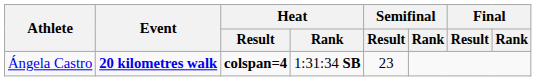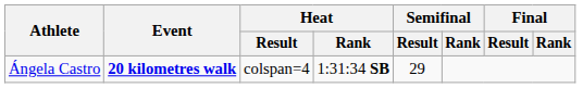 <table class=wikitable style=font-size:90%>
 <tr>
 <th rowspan=2>Athlete</th>
 <th rowspan=2>Event</th>
 <th colspan=2>Heat</th>
 <th colspan=2>Semifinal</th>
 <th colspan=2>Final</th>
 </tr>
 <tr style=font-size:95%>
 <th>Result</th>
 <th>Rank</th>
 <th>Result</th>
 <th>Rank</th>
 <th>Result</th>
 <th>Rank</th>
 </tr>
 <tr align=center>
 <td align=left><a href='#'>Ángela Castro</a></td>
 <td align=left><strong><a href='#'>20 kilometres walk</a></strong></td>
-<td><strong>colspan=4 </strong></td>
+<td>colspan=4 </td>
 <td>1:31:34 <strong>SB</strong></td>
-<td>23</td>
+<td>29</td>
 </tr>
 </table>
